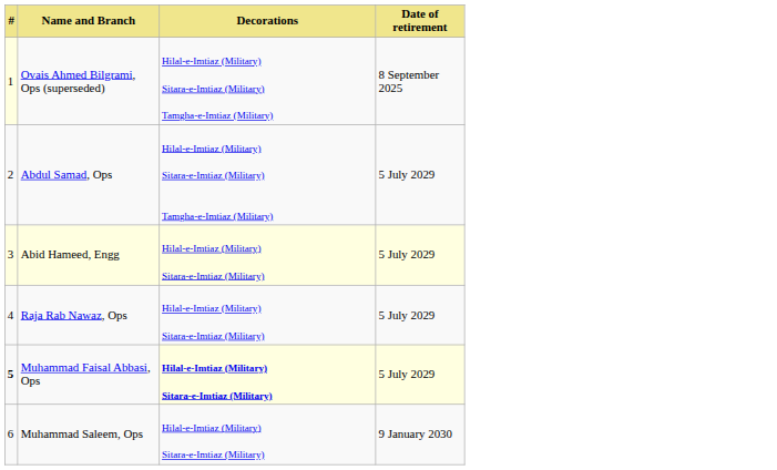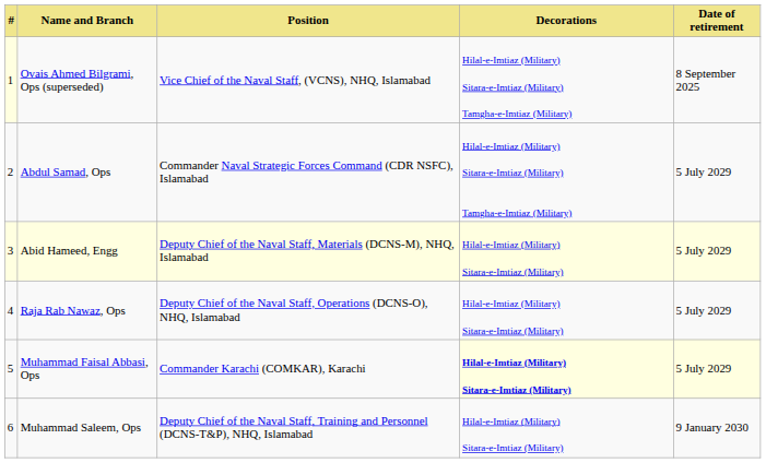 <table class="wikitable">
 <tr>
 <th width="10" style="background:#F0E68C; text-align:center">#</th>
 <th width="180" style="background:#F0E68C; text-align:center">Name and Branch</th>
+<th width="400" style="background:#F0E68C; text-align:center">Position</th>
 <th width="280" style="background:#F0E68C; text-align:center">Decorations</th>
 <th width="110" style="background:#F0E68C; text-align:center">Date of retirement</th>
 </tr>
 <tr>
 <td style="background:#FFFFE0;">1</td>
 <td><a href='#'>Ovais Ahmed Bilgrami</a>, Ops (superseded)</td>
+<td><a href='#'>Vice Chief of the Naval Staff</a>, (VCNS), NHQ, Islamabad</td>
 <td><div> <br><small><a href='#'>Hilal-e-Imtiaz (Military)</a></small><br><br><small> <a href='#'>Sitara-e-Imtiaz (Military)</a></small><br><br> <small><a href='#'>Tamgha-e-Imtiaz (Military)</a></small></div></td>
 <td>8 September 2025</td>
 </tr>
 <tr>
 <td>2</td>
 <td><a href='#'>Abdul Samad</a>, Ops</td>
+<td>Commander <a href='#'>Naval Strategic Forces Command</a> (CDR NSFC), Islamabad</td>
 <td><div> <br><small><a href='#'>Hilal-e-Imtiaz (Military)</a></small><br><br><small> <a href='#'>Sitara-e-Imtiaz (Military)</a></small><br><br><br> <small> <a href='#'>Tamgha-e-Imtiaz (Military)</a></small></div></td>
 <td>5 July 2029</td>
 </tr>
 <tr>
 <td style="background:#FFFFE0  ;">3</td>
 <td style="background:#FFFFE0  ;">Abid Hameed, Engg</td>
+<td style="background:#FFFFE0  ;"><a href='#'>Deputy Chief of the Naval Staff, Materials</a> (DCNS-M), NHQ, Islamabad</td>
 <td style="background:#FFFFE0  ;"><div> <br><small><a href='#'>Hilal-e-Imtiaz (Military)</a></small><br><br><small> <a href='#'>Sitara-e-Imtiaz (Military)</a></small></div></td>
 <td style="background:#FFFFE0;">5 July 2029</td>
 </tr>
 <tr>
 <td>4</td>
 <td><a href='#'>Raja Rab Nawaz</a>, Ops</td>
+<td><a href='#'>Deputy Chief of the Naval Staff, Operations</a> (DCNS-O), NHQ, Islamabad</td>
 <td><div> <br><small><a href='#'>Hilal-e-Imtiaz (Military)</a></small><br><br><small> <a href='#'>Sitara-e-Imtiaz (Military)</a></small></div></td>
 <td>5 July 2029</td>
 </tr>
 <tr>
-<td><strong>5</strong></td>
+<td>5</td>
 <td><a href='#'>Muhammad Faisal Abbasi</a>, Ops</td>
+<td><a href='#'>Commander Karachi</a> (COMKAR), Karachi</td>
 <td style="background:#FFFFE0  ;"><strong><div> <br><small><a href='#'>Hilal-e-Imtiaz (Military)</a></small><br><br><small> <a href='#'>Sitara-e-Imtiaz (Military)</a></small></div></strong></td>
 <td style="background:#FFFFE0  ;">5 July 2029</td>
 </tr>
 <tr>
 <td>6</td>
 <td>Muhammad Saleem, Ops</td>
+<td><a href='#'>Deputy Chief of the Naval Staff, Training and Personnel</a> (DCNS-T&P), NHQ, Islamabad</td>
 <td><div> <br><small><a href='#'>Hilal-e-Imtiaz (Military)</a></small><br><br><small><a href='#'>Sitara-e-Imtiaz (Military)</a></small></div></td>
 <td>9 January 2030</td>
 </tr>
 </table>
